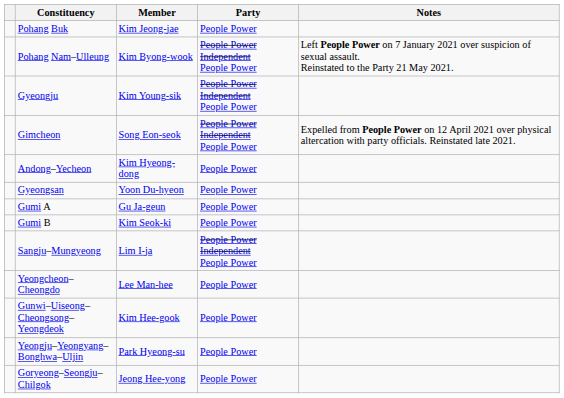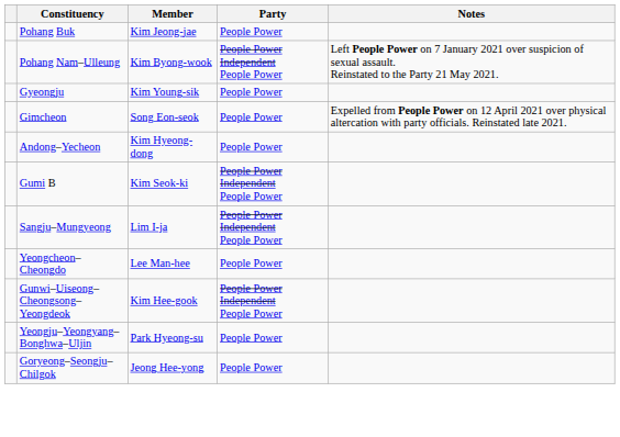 <table class="wikitable sortable">
 <tr>
 <th scope="col" style="width:10px;" class="unsortable"></th>
 <th scope="col" style="width:150px;">Constituency</th>
 <th scope="col" style="width:120px;">Member</th>
 <th scope="col" style="width:150px;">Party</th>
 <th scope="col" style="width:400px;" class="unsortable">Notes</th>
 </tr>
 <tr>
 <td scope="row" style="background-color:"></td>
 <td><a href='#'>Pohang</a> <a href='#'>Buk</a></td>
 <td><a href='#'>Kim Jeong-jae</a></td>
 <td><a href='#'>People Power</a></td>
 <td></td>
 </tr>
 <tr>
 <td scope="row" style="background-color:"></td>
 <td><a href='#'>Pohang</a> <a href='#'>Nam</a>–<a href='#'>Ulleung</a></td>
 <td><a href='#'>Kim Byong-wook</a></td>
 <td><s><a href='#'>People Power</a></s><s><br><a href='#'>Independent</a></s> <br> <a href='#'>People Power</a> <br></td>
 <td>Left <strong>People Power</strong> on 7 January 2021 over suspicion of sexual assault. <br> Reinstated to the Party 21 May 2021.<br></td>
 </tr>
 <tr>
 <td scope="row" style="background-color:"></td>
 <td><a href='#'>Gyeongju</a></td>
 <td><a href='#'>Kim Young-sik</a></td>
-<td><s><a href='#'>People Power</a><br><a href='#'>Independent</a></s><br><a href='#'>People Power</a><br></td>
+<td><a href='#'>People Power</a></td>
 <td></td>
 </tr>
 <tr>
 <td scope="row" style="background-color:"></td>
 <td><a href='#'>Gimcheon</a></td>
 <td><a href='#'>Song Eon-seok</a></td>
-<td><s><a href='#'>People Power</a><br><a href='#'>Independent</a></s><br><a href='#'>People Power</a><br></td>
+<td><a href='#'>People Power</a></td>
 <td>Expelled from <strong>People Power</strong> on 12 April 2021 over physical altercation with party officials. Reinstated late 2021.</td>
 </tr>
 <tr>
 <td scope="row" style="background-color:"></td>
 <td><a href='#'>Andong</a>–<a href='#'>Yecheon</a></td>
 <td><a href='#'>Kim Hyeong-dong</a></td>
 <td><a href='#'>People Power</a></td>
 <td></td>
 </tr>
 <tr>
 <td scope="row" style="background-color:"></td>
-<td><a href='#'>Gyeongsan</a></td>
-<td><a href='#'>Yoon Du-hyeon</a></td>
-<td><a href='#'>People Power</a></td>
-<td></td>
-</tr>
-<tr>
-<td scope="row" style="background-color:"></td>
-<td><a href='#'>Gumi</a> A</td>
-<td><a href='#'>Gu Ja-geun</a></td>
-<td><a href='#'>People Power</a></td>
-<td></td>
-</tr>
-<tr>
-<td scope="row" style="background-color:"></td>
 <td><a href='#'>Gumi</a> B</td>
 <td><a href='#'>Kim Seok-ki</a></td>
-<td><a href='#'>People Power</a></td>
+<td><s><a href='#'>People Power</a></s><s><br><a href='#'>Independent</a></s> <br> <a href='#'>People Power</a> <br></td>
 <td></td>
 </tr>
 <tr>
 <td scope="row" style="background-color:"></td>
 <td><a href='#'>Sangju</a>–<a href='#'>Mungyeong</a></td>
 <td><a href='#'>Lim I-ja</a></td>
 <td><s><a href='#'>People Power</a></s><s><br><a href='#'>Independent</a></s> <br> <a href='#'>People Power</a> <br></td>
 <td></td>
 </tr>
 <tr>
 <td scope="row" style="background-color:"></td>
 <td><a href='#'>Yeongcheon</a>–<a href='#'>Cheongdo</a></td>
 <td><a href='#'>Lee Man-hee</a></td>
 <td><a href='#'>People Power</a></td>
 <td></td>
 </tr>
 <tr>
 <td scope="row" style="background-color:"></td>
 <td><a href='#'>Gunwi</a>–<a href='#'>Uiseong</a>–<a href='#'>Cheongsong</a>–<a href='#'>Yeongdeok</a></td>
 <td><a href='#'>Kim Hee-gook</a></td>
-<td><a href='#'>People Power</a></td>
+<td><s><a href='#'>People Power</a></s><s><br><a href='#'>Independent</a></s> <br> <a href='#'>People Power</a> <br></td>
 <td></td>
 </tr>
 <tr>
 <td scope="row" style="background-color:"></td>
 <td><a href='#'>Yeongju</a>–<a href='#'>Yeongyang</a>–<a href='#'>Bonghwa</a>–<a href='#'>Uljin</a></td>
 <td><a href='#'>Park Hyeong-su</a></td>
 <td><a href='#'>People Power</a></td>
 <td></td>
 </tr>
 <tr>
 <td scope="row" style="background-color:"></td>
 <td><a href='#'>Goryeong</a>–<a href='#'>Seongju</a>–<a href='#'>Chilgok</a></td>
 <td><a href='#'>Jeong Hee-yong</a></td>
 <td><a href='#'>People Power</a></td>
 <td></td>
 </tr>
 </table>
